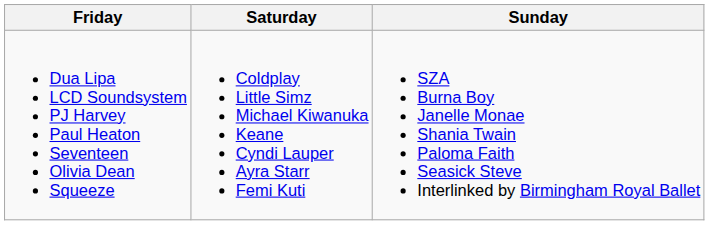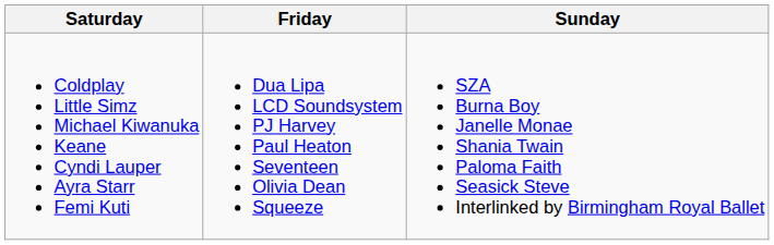 <table class="wikitable">
 <tr>
+<th>Saturday</th>
 <th>Friday</th>
-<th>Saturday</th>
 <th>Sunday</th>
 </tr>
 <tr>
+<td><br><ul><li><a href='#'>Coldplay</a></li><li><a href='#'>Little Simz</a></li><li><a href='#'>Michael Kiwanuka</a></li><li><a href='#'>Keane</a></li><li><a href='#'>Cyndi Lauper</a></li><li><a href='#'>Ayra Starr</a></li><li><a href='#'>Femi Kuti</a></li></ul></td>
 <td><br><ul><li><a href='#'>Dua Lipa</a></li><li><a href='#'>LCD Soundsystem</a></li><li><a href='#'>PJ Harvey</a></li><li><a href='#'>Paul Heaton</a></li><li><a href='#'>Seventeen</a></li><li><a href='#'>Olivia Dean</a></li><li><a href='#'>Squeeze</a></li></ul></td>
-<td><br><ul><li><a href='#'>Coldplay</a></li><li><a href='#'>Little Simz</a></li><li><a href='#'>Michael Kiwanuka</a></li><li><a href='#'>Keane</a></li><li><a href='#'>Cyndi Lauper</a></li><li><a href='#'>Ayra Starr</a></li><li><a href='#'>Femi Kuti</a></li></ul></td>
 <td><br><ul><li><a href='#'>SZA</a></li><li><a href='#'>Burna Boy</a></li><li><a href='#'>Janelle Monae</a></li><li><a href='#'>Shania Twain</a></li><li><a href='#'>Paloma Faith</a></li><li><a href='#'>Seasick Steve</a></li><li>Interlinked by <a href='#'>Birmingham Royal Ballet</a></li></ul></td>
 </tr>
 </table>
